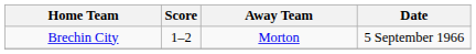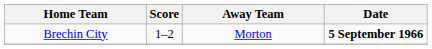 <table class="wikitable" style="text-align:center;">
 <tr>
 <th width=175>Home Team</th>
 <th width=20>Score</th>
 <th width=175>Away Team</th>
 <th width= 125>Date</th>
 </tr>
 <tr>
 <td><a href='#'>Brechin City</a></td>
 <td>1–2</td>
 <td><a href='#'>Morton</a></td>
-<td>5 September 1966</td>
+<td><strong>5 September 1966</strong></td>
 </tr>
 <tr>
 </tr>
 </table>
